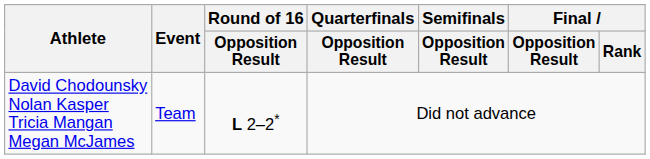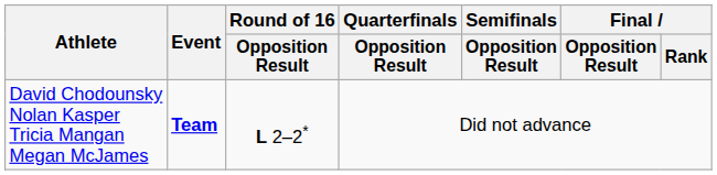 <table class=wikitable style=font-size:90%;text-align:center>
 <tr>
 <th rowspan=2>Athlete</th>
 <th rowspan=2>Event</th>
 <th>Round of 16</th>
 <th>Quarterfinals</th>
 <th>Semifinals</th>
 <th colspan=2>Final / </th>
 </tr>
 <tr style=font-size:95%>
 <th>Opposition<br>Result</th>
 <th>Opposition<br>Result</th>
 <th>Opposition<br>Result</th>
 <th>Opposition<br>Result</th>
 <th>Rank</th>
 </tr>
 <tr>
 <td align=left><a href='#'>David Chodounsky</a><br><a href='#'>Nolan Kasper</a><br><a href='#'>Tricia Mangan</a><br><a href='#'>Megan McJames</a></td>
-<td align=left><a href='#'>Team</a></td>
+<td align=left><strong><a href='#'>Team</a></strong></td>
 <td><br><strong>L</strong> 2–2<sup>*</sup></td>
 <td colspan=4>Did not advance</td>
 </tr>
 </table>
